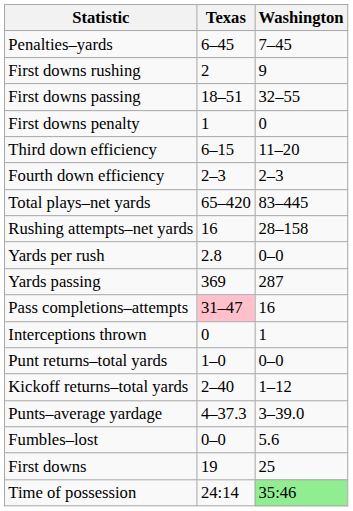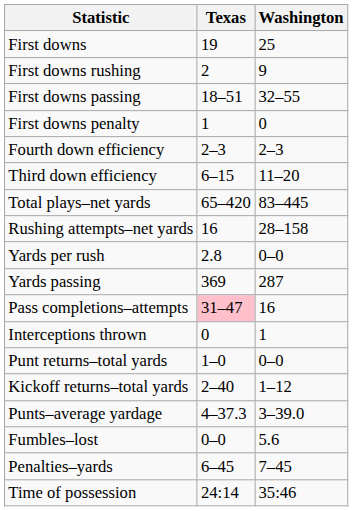 <table class="wikitable">
 <tr>
 <th>Statistic</th>
 <th><strong>Texas</strong></th>
 <th><strong>Washington</strong></th>
 </tr>
 <tr>
-<td>Penalties–yards</td>
-<td>6–45</td>
-<td>7–45</td>
+<td>First downs</td>
+<td>19</td>
+<td>25</td>
 </tr>
 <tr>
 <td>First downs rushing</td>
 <td>2</td>
 <td>9</td>
 </tr>
 <tr>
 <td>First downs passing</td>
 <td>18–51</td>
 <td>32–55</td>
 </tr>
 <tr>
 <td>First downs penalty</td>
 <td>1</td>
 <td>0</td>
 </tr>
 <tr>
+<td>Fourth down efficiency</td>
+<td>2–3</td>
+<td>2–3</td>
+</tr>
+<tr>
 <td>Third down efficiency</td>
 <td>6–15</td>
 <td>11–20</td>
-</tr>
-<tr>
-<td>Fourth down efficiency</td>
-<td>2–3</td>
-<td>2–3</td>
 </tr>
 <tr>
 <td>Total plays–net yards</td>
 <td>65–420</td>
 <td>83–445</td>
 </tr>
 <tr>
 <td>Rushing attempts–net yards</td>
 <td>16</td>
 <td>28–158</td>
 </tr>
 <tr>
 <td>Yards per rush</td>
 <td>2.8</td>
 <td>0–0</td>
 </tr>
 <tr>
 <td>Yards passing</td>
 <td>369</td>
 <td>287</td>
 </tr>
 <tr>
 <td>Pass completions–attempts</td>
 <td style="background: pink;">31–47</td>
 <td>16</td>
 </tr>
 <tr>
 <td>Interceptions thrown</td>
 <td>0</td>
 <td>1</td>
 </tr>
 <tr>
 <td>Punt returns–total yards</td>
 <td>1–0</td>
 <td>0–0</td>
 </tr>
 <tr>
 <td>Kickoff returns–total yards</td>
 <td>2–40</td>
 <td>1–12</td>
 </tr>
 <tr>
 <td>Punts–average yardage</td>
 <td>4–37.3</td>
 <td>3–39.0</td>
 </tr>
 <tr>
 <td>Fumbles–lost</td>
 <td>0–0</td>
 <td>5.6</td>
 </tr>
 <tr>
-<td>First downs</td>
-<td>19</td>
-<td>25</td>
+<td>Penalties–yards</td>
+<td>6–45</td>
+<td>7–45</td>
 </tr>
 <tr>
 <td>Time of possession</td>
 <td>24:14</td>
-<td style="background: lightgreen;">35:46</td>
+<td>35:46</td>
 </tr>
 </table>
